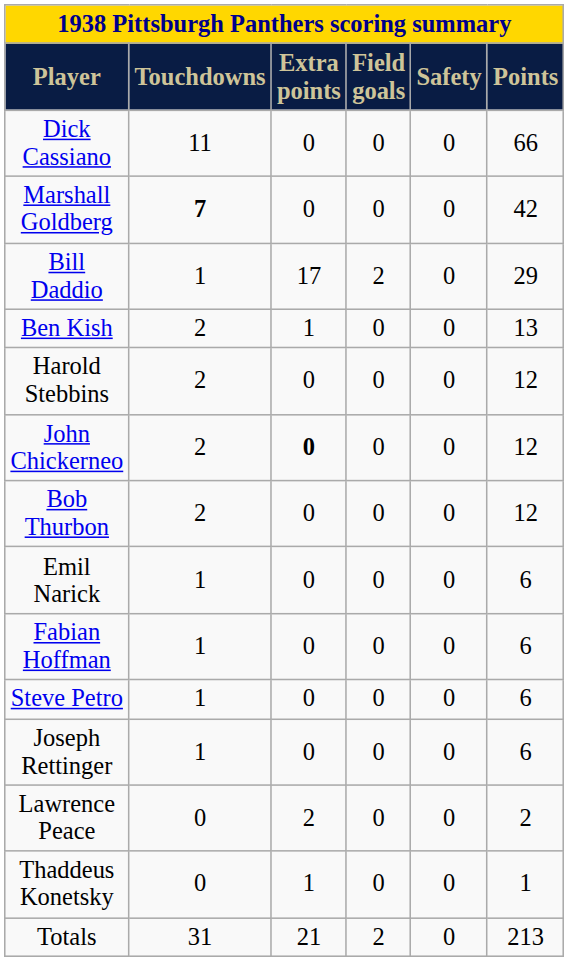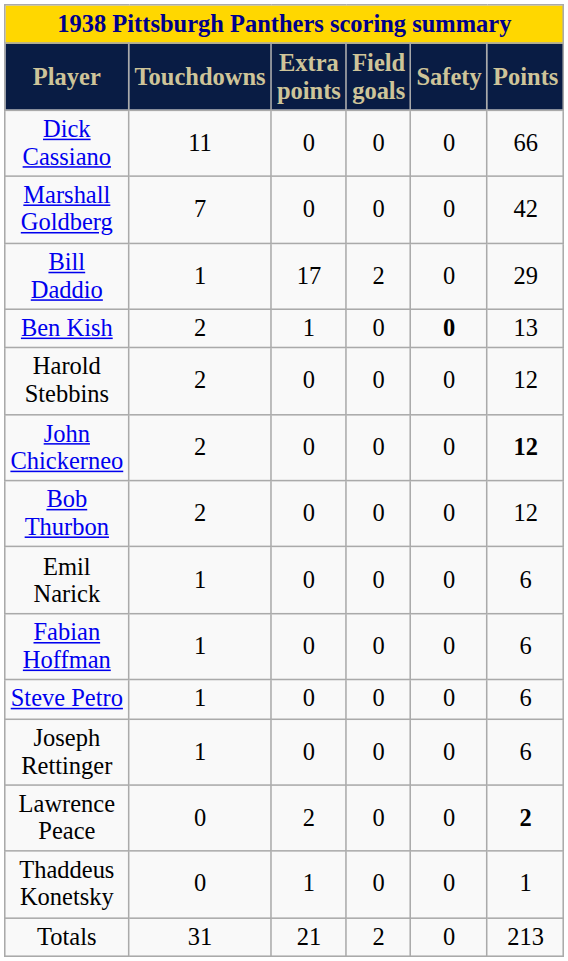 <table class="wikitable" width="40%">
 <tr>
 <th colspan="10" style="background:gold; color:darkblue; text-align: center;"><strong>1938 Pittsburgh Panthers scoring summary</strong></th>
 </tr>
 <tr align="center"  style="background:#091C44;color:#CEC499;">
 <td><strong>Player</strong></td>
 <td><strong>Touchdowns</strong></td>
 <td><strong>Extra points</strong></td>
 <td><strong>Field goals</strong></td>
 <td><strong>Safety</strong></td>
 <td><strong>Points</strong></td>
 </tr>
 <tr align="center" bgcolor="">
 <td><a href='#'>Dick Cassiano</a></td>
 <td>11</td>
 <td>0</td>
 <td>0</td>
 <td>0</td>
 <td>66</td>
 </tr>
 <tr align="center" bgcolor="">
 <td><a href='#'>Marshall Goldberg</a></td>
-<td><strong>7</strong></td>
+<td>7</td>
 <td>0</td>
 <td>0</td>
 <td>0</td>
 <td>42</td>
 </tr>
 <tr align="center" bgcolor="">
 <td><a href='#'>Bill Daddio</a></td>
 <td>1</td>
 <td>17</td>
 <td>2</td>
 <td>0</td>
 <td>29</td>
 </tr>
 <tr align="center" bgcolor="">
 <td><a href='#'>Ben Kish</a></td>
 <td>2</td>
 <td>1</td>
 <td>0</td>
-<td>0</td>
+<td><strong>0</strong></td>
 <td>13</td>
 </tr>
 <tr align="center" bgcolor="">
 <td>Harold Stebbins</td>
 <td>2</td>
 <td>0</td>
 <td>0</td>
 <td>0</td>
 <td>12</td>
 </tr>
 <tr align="center" bgcolor="">
 <td><a href='#'>John Chickerneo</a></td>
 <td>2</td>
-<td><strong>0</strong></td>
 <td>0</td>
 <td>0</td>
-<td>12</td>
+<td>0</td>
+<td><strong>12</strong></td>
 </tr>
 <tr align="center" bgcolor="">
 <td><a href='#'>Bob Thurbon</a></td>
 <td>2</td>
 <td>0</td>
 <td>0</td>
 <td>0</td>
 <td>12</td>
 </tr>
 <tr align="center" bgcolor="">
 <td>Emil Narick</td>
 <td>1</td>
 <td>0</td>
 <td>0</td>
 <td>0</td>
 <td>6</td>
 </tr>
 <tr align="center" bgcolor="">
 <td><a href='#'>Fabian Hoffman</a></td>
 <td>1</td>
 <td>0</td>
 <td>0</td>
 <td>0</td>
 <td>6</td>
 </tr>
 <tr align="center" bgcolor="">
 <td><a href='#'>Steve Petro</a></td>
 <td>1</td>
 <td>0</td>
 <td>0</td>
 <td>0</td>
 <td>6</td>
 </tr>
 <tr align="center" bgcolor="">
 <td>Joseph Rettinger</td>
 <td>1</td>
 <td>0</td>
 <td>0</td>
 <td>0</td>
 <td>6</td>
 </tr>
 <tr align="center" bgcolor="">
 <td>Lawrence Peace</td>
 <td>0</td>
 <td>2</td>
 <td>0</td>
 <td>0</td>
-<td>2</td>
+<td><strong>2</strong></td>
 </tr>
 <tr align="center" bgcolor="">
 <td>Thaddeus Konetsky</td>
 <td>0</td>
 <td>1</td>
 <td>0</td>
 <td>0</td>
 <td>1</td>
 </tr>
 <tr align="center" bgcolor="">
 <td>Totals</td>
 <td>31</td>
 <td>21</td>
 <td>2</td>
 <td>0</td>
 <td>213</td>
 </tr>
 <tr align="center" bgcolor="">
 </tr>
 </table>
